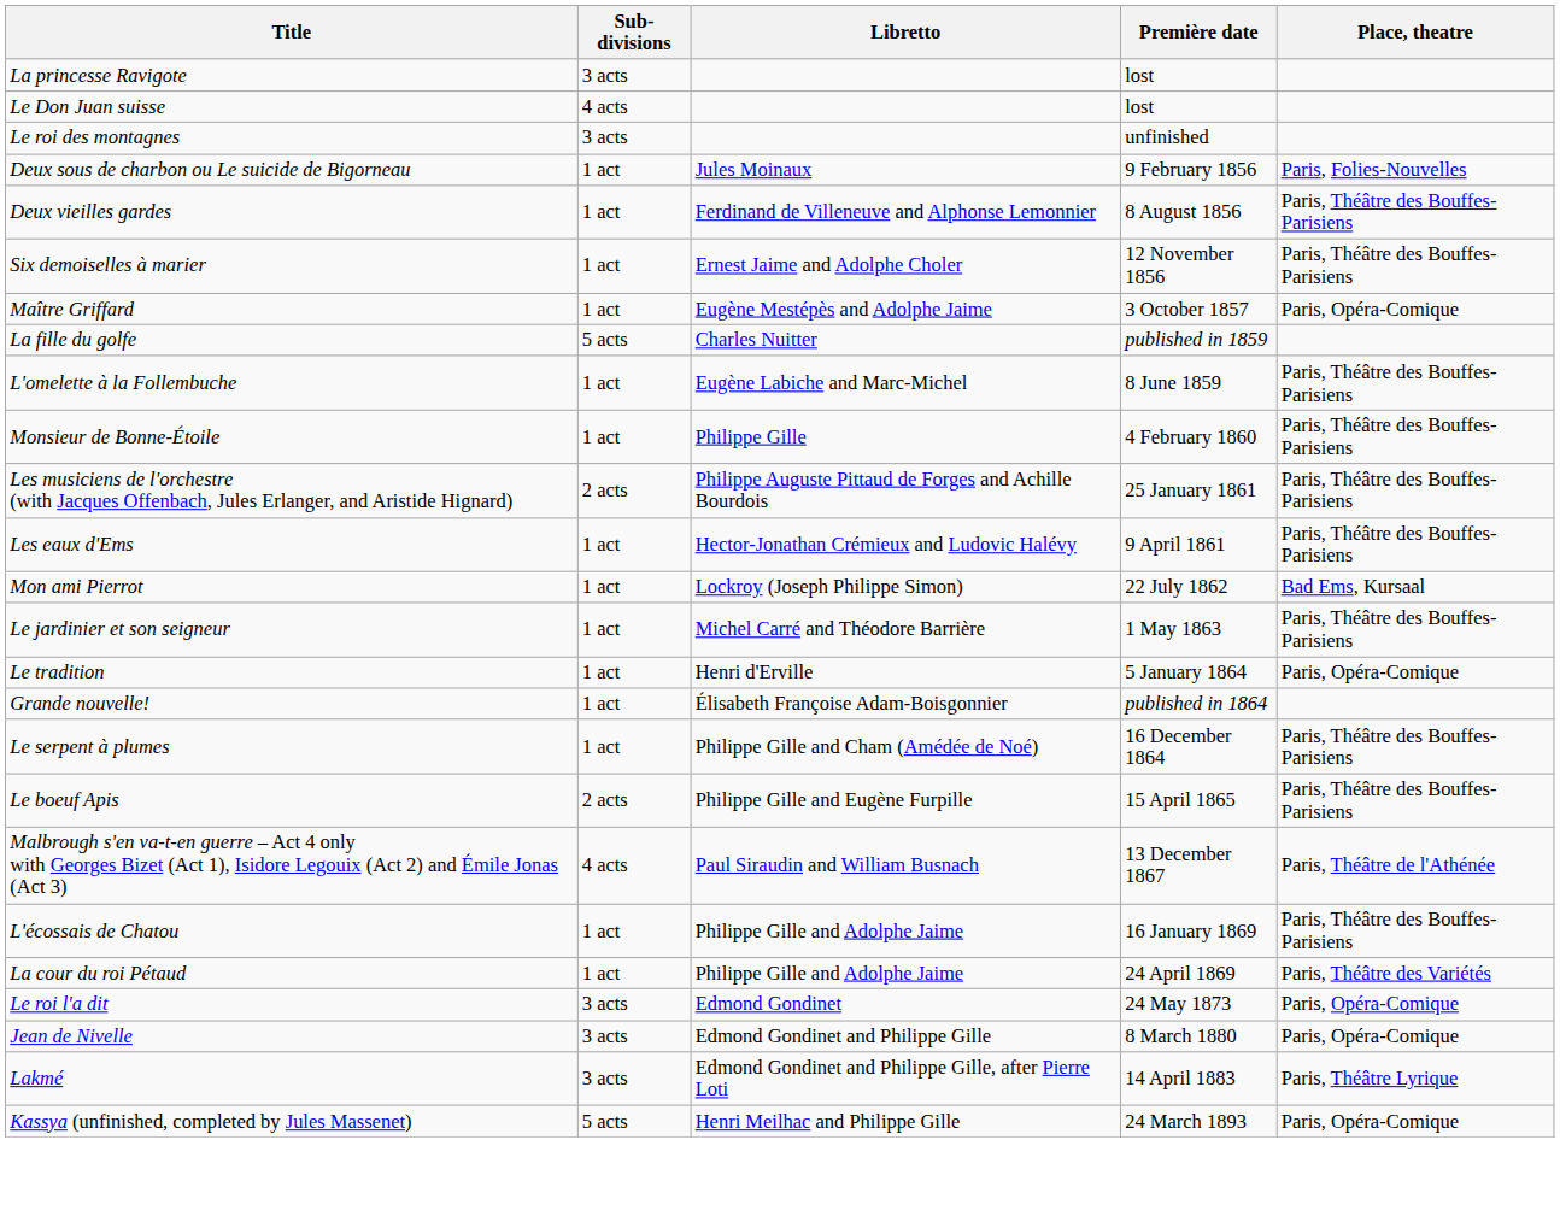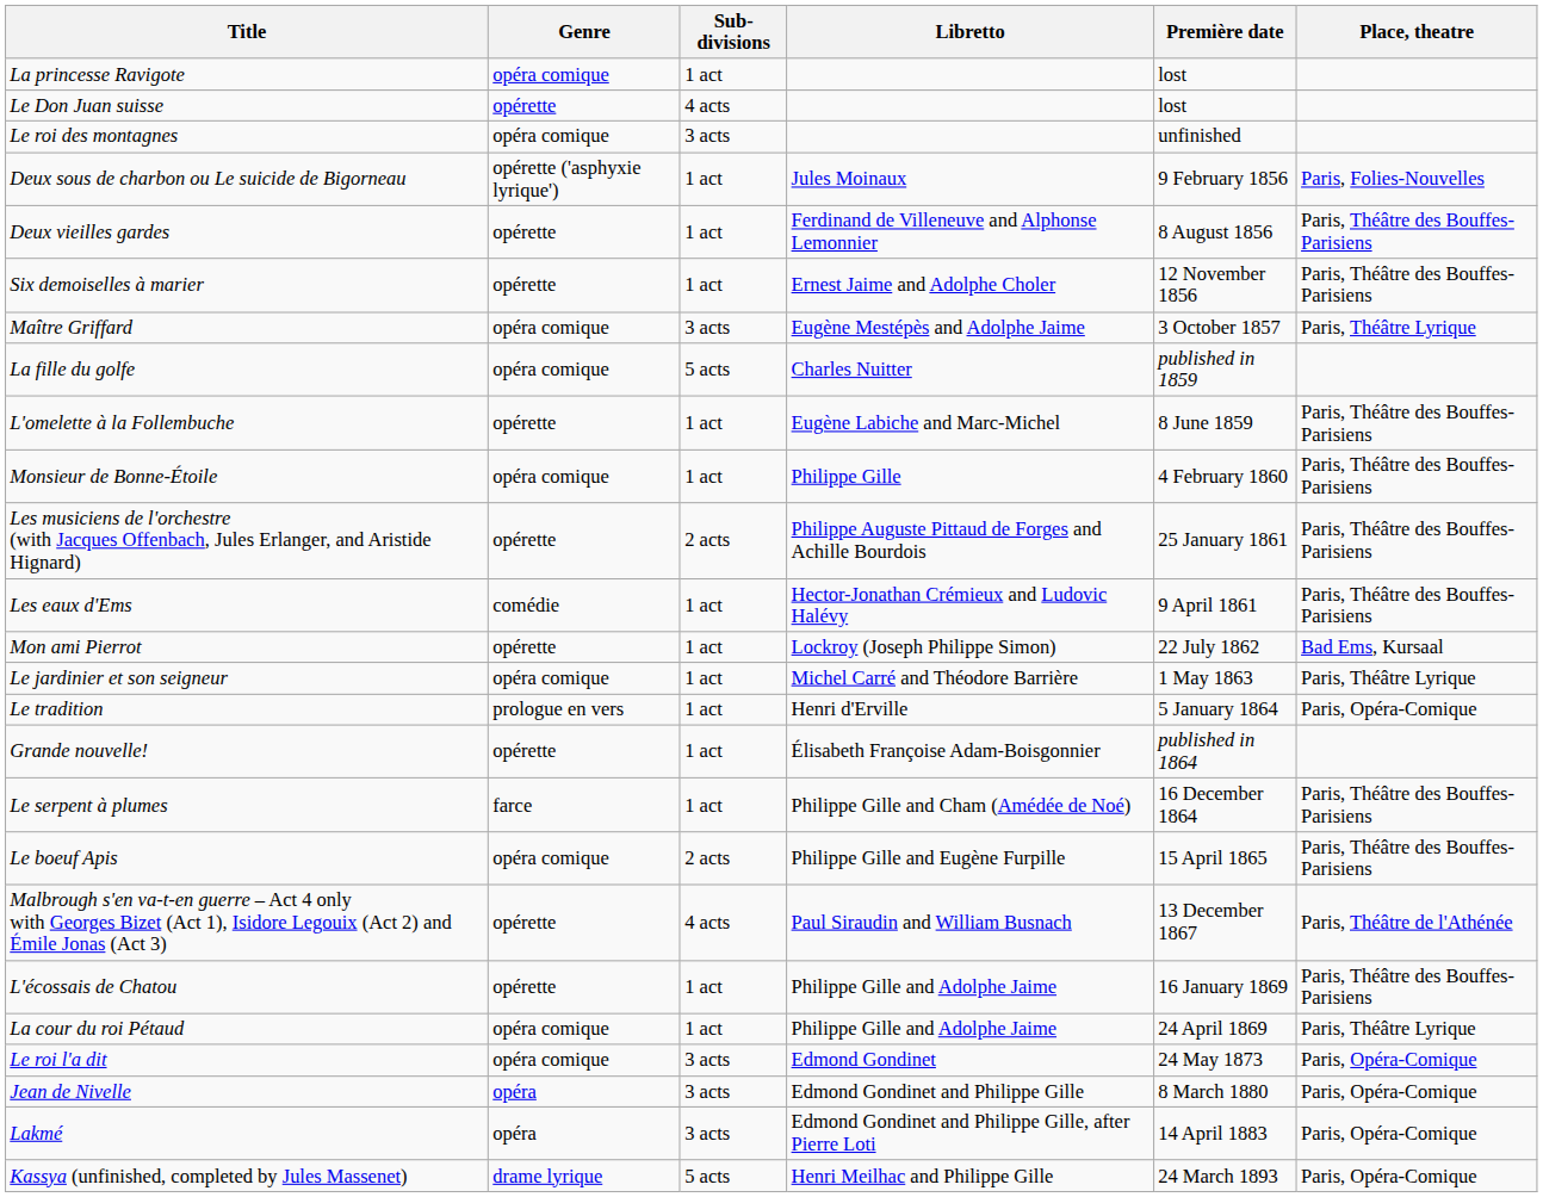 <table class="wikitable sortable">
 <tr>
 <th>Title</th>
+<th>Genre</th>
 <th>Sub­divisions</th>
 <th>Libretto</th>
 <th>Première date</th>
 <th>Place, theatre</th>
 </tr>
 <tr>
 <td><em>La princesse Ravigote</em></td>
-<td>3 acts</td>
+<td><a href='#'>opéra comique</a></td>
+<td>1 act</td>
 <td></td>
 <td>lost</td>
 <td></td>
 </tr>
 <tr>
 <td><em>Le Don Juan suisse</em></td>
+<td><a href='#'>opérette</a></td>
 <td>4 acts</td>
 <td></td>
 <td>lost</td>
 <td></td>
 </tr>
 <tr>
 <td><em>Le roi des montagnes</em></td>
+<td>opéra comique</td>
 <td>3 acts</td>
 <td></td>
 <td>unfinished</td>
 <td></td>
 </tr>
 <tr>
 <td><em>Deux sous de charbon ou Le suicide de Bigorneau</em></td>
+<td>opérette ('asphyxie lyrique')</td>
 <td>1 act</td>
 <td><a href='#'>Jules Moinaux</a></td>
 <td>9 February 1856</td>
 <td><a href='#'>Paris</a>, <a href='#'>Folies-Nouvelles</a></td>
 </tr>
 <tr>
 <td><em>Deux vieilles gardes</em></td>
+<td>opérette</td>
 <td>1 act</td>
 <td><a href='#'>Ferdinand de Villeneuve</a> and <a href='#'>Alphonse Lemonnier</a></td>
 <td>8 August 1856</td>
 <td>Paris, <a href='#'>Théâtre des Bouffes-Parisiens</a></td>
 </tr>
 <tr>
 <td><em>Six demoiselles à marier</em></td>
+<td>opérette</td>
 <td>1 act</td>
 <td><a href='#'>Ernest Jaime</a> and <a href='#'>Adolphe Choler</a></td>
 <td>12 November 1856</td>
 <td>Paris, Théâtre des Bouffes-Parisiens</td>
 </tr>
 <tr>
 <td><em>Maître Griffard</em></td>
-<td>1 act</td>
+<td>opéra comique</td>
+<td>3 acts</td>
 <td><a href='#'>Eugène Mestépès</a> and <a href='#'>Adolphe Jaime</a></td>
 <td>3 October 1857</td>
-<td>Paris, Opéra-Comique</td>
+<td>Paris, <a href='#'>Théâtre Lyrique</a></td>
 </tr>
 <tr>
 <td><em>La fille du golfe</em></td>
+<td>opéra comique</td>
 <td>5 acts</td>
 <td><a href='#'>Charles Nuitter</a></td>
 <td><em>published in 1859</em></td>
 <td></td>
 </tr>
 <tr>
 <td><em>L'omelette à la Follembuche</em></td>
+<td>opérette</td>
 <td>1 act</td>
 <td><a href='#'>Eugène Labiche</a> and Marc-Michel</td>
 <td>8 June 1859</td>
 <td>Paris, Théâtre des Bouffes-Parisiens</td>
 </tr>
 <tr>
 <td><em>Monsieur de Bonne-Étoile</em></td>
+<td>opéra comique</td>
 <td>1 act</td>
 <td><a href='#'>Philippe Gille</a></td>
 <td>4 February 1860</td>
 <td>Paris, Théâtre des Bouffes-Parisiens</td>
 </tr>
 <tr>
 <td><em>Les musiciens de l'orchestre</em><br>(with <a href='#'>Jacques Offenbach</a>, Jules Erlanger, and Aristide Hignard)</td>
+<td>opérette</td>
 <td>2 acts</td>
 <td><a href='#'>Philippe Auguste Pittaud de Forges</a> and Achille Bourdois</td>
 <td>25 January 1861</td>
 <td>Paris, Théâtre des Bouffes-Parisiens</td>
 </tr>
 <tr>
 <td><em>Les eaux d'Ems</em></td>
+<td>comédie</td>
 <td>1 act</td>
 <td><a href='#'>Hector-Jonathan Crémieux</a> and <a href='#'>Ludovic Halévy</a></td>
 <td>9 April 1861</td>
 <td>Paris, Théâtre des Bouffes-Parisiens</td>
 </tr>
 <tr>
 <td><em>Mon ami Pierrot</em></td>
+<td>opérette</td>
 <td>1 act</td>
 <td><a href='#'>Lockroy</a> (Joseph Philippe Simon)</td>
 <td>22 July 1862</td>
 <td><a href='#'>Bad Ems</a>, Kursaal</td>
 </tr>
 <tr>
 <td><em>Le jardinier et son seigneur</em></td>
+<td>opéra comique</td>
 <td>1 act</td>
 <td><a href='#'>Michel Carré</a> and Théodore Barrière</td>
 <td>1 May 1863</td>
-<td>Paris, Théâtre des Bouffes-Parisiens</td>
+<td>Paris, Théâtre Lyrique</td>
 </tr>
 <tr>
 <td><em>Le tradition</em></td>
+<td>prologue en vers</td>
 <td>1 act</td>
 <td>Henri d'Erville</td>
 <td>5 January 1864</td>
 <td>Paris, Opéra-Comique</td>
 </tr>
 <tr>
 <td><em>Grande nouvelle!</em></td>
+<td>opérette</td>
 <td>1 act</td>
 <td>Élisabeth Françoise Adam-Boisgonnier</td>
 <td><em>published in 1864</em></td>
 <td></td>
 </tr>
 <tr>
 <td><em>Le serpent à plumes</em></td>
+<td>farce</td>
 <td>1 act</td>
 <td>Philippe Gille and Cham (<a href='#'>Amédée de Noé</a>)</td>
 <td>16 December 1864</td>
 <td>Paris, Théâtre des Bouffes-Parisiens</td>
 </tr>
 <tr>
 <td><em>Le boeuf Apis</em></td>
+<td>opéra comique</td>
 <td>2 acts</td>
 <td>Philippe Gille and Eugène Furpille</td>
 <td>15 April 1865</td>
 <td>Paris, Théâtre des Bouffes-Parisiens</td>
 </tr>
 <tr>
 <td><em>Malbrough s'en va-t-en guerre</em> – Act 4 only<br>with <a href='#'>Georges Bizet</a> (Act 1), <a href='#'>Isidore Legouix</a> (Act 2) and <a href='#'>Émile Jonas</a> (Act 3)</td>
+<td>opérette</td>
 <td>4 acts</td>
 <td><a href='#'>Paul Siraudin</a> and <a href='#'>William Busnach</a></td>
 <td>13 December 1867</td>
 <td>Paris, <a href='#'>Théâtre de l'Athénée</a></td>
 </tr>
 <tr>
 <td><em>L'écossais de Chatou</em></td>
+<td>opérette</td>
 <td>1 act</td>
 <td>Philippe Gille and <a href='#'>Adolphe Jaime</a></td>
 <td>16 January 1869</td>
 <td>Paris, Théâtre des Bouffes-Parisiens</td>
 </tr>
 <tr>
 <td><em>La cour du roi Pétaud</em></td>
+<td>opéra comique</td>
 <td>1 act</td>
 <td>Philippe Gille and <a href='#'>Adolphe Jaime</a></td>
 <td>24 April 1869</td>
-<td>Paris, <a href='#'>Théâtre des Variétés</a></td>
+<td>Paris, Théâtre Lyrique</td>
 </tr>
 <tr>
 <td><em><a href='#'>Le roi l'a dit</a></em></td>
+<td>opéra comique</td>
 <td>3 acts</td>
 <td><a href='#'>Edmond Gondinet</a></td>
 <td>24 May 1873</td>
 <td>Paris, <a href='#'>Opéra-Comique</a></td>
 </tr>
 <tr>
 <td><em><a href='#'>Jean de Nivelle</a></em></td>
+<td><a href='#'>opéra</a></td>
 <td>3 acts</td>
 <td>Edmond Gondinet and Philippe Gille</td>
 <td>8 March 1880</td>
 <td>Paris, Opéra-Comique</td>
 </tr>
 <tr>
 <td><em><a href='#'>Lakmé</a></em></td>
+<td>opéra</td>
 <td>3 acts</td>
 <td>Edmond Gondinet and Philippe Gille, after <a href='#'>Pierre Loti</a></td>
 <td>14 April 1883</td>
-<td>Paris, <a href='#'>Théâtre Lyrique</a></td>
+<td>Paris, Opéra-Comique</td>
 </tr>
 <tr>
 <td><em><a href='#'>Kassya</a></em> (unfinished, completed by <a href='#'>Jules Massenet</a>)</td>
+<td><a href='#'>drame lyrique</a></td>
 <td>5 acts</td>
 <td><a href='#'>Henri Meilhac</a> and Philippe Gille</td>
 <td>24 March 1893</td>
 <td>Paris, Opéra-Comique</td>
 </tr>
 </table>
